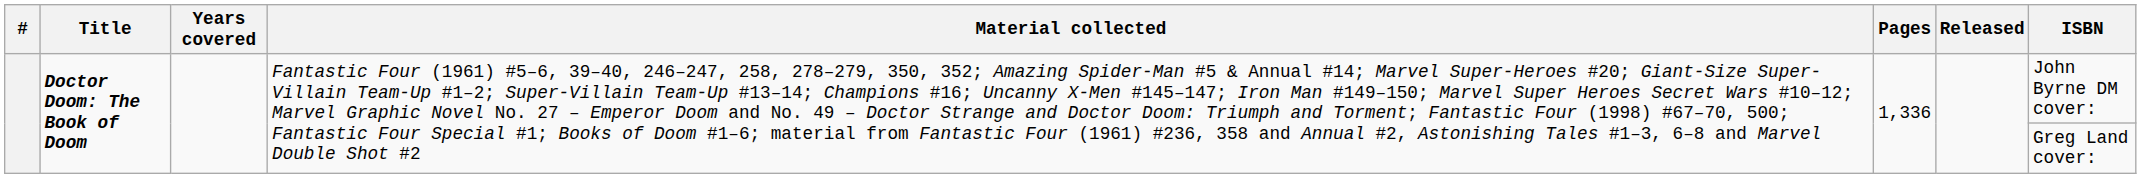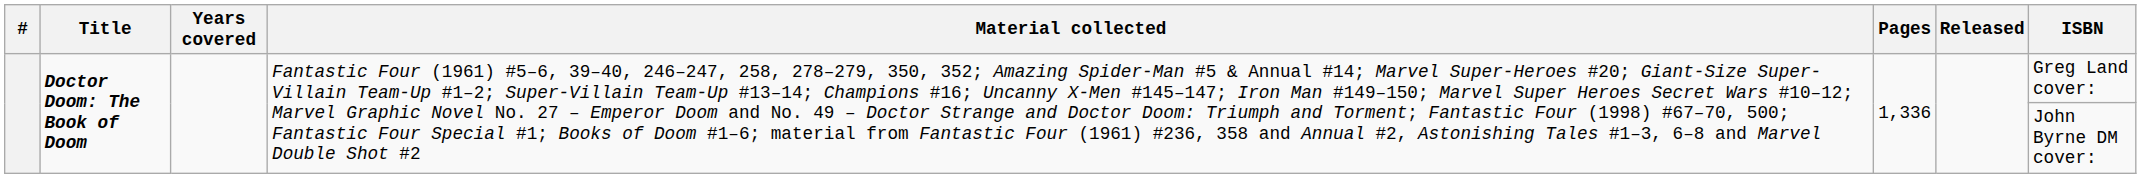 <table class="wikitable sortable" width="99%">
 <tr>
 <th class="unsortable" width="20px">#</th>
 <th>Title</th>
 <th>Years covered</th>
 <th class="unsortable">Material collected</th>
 <th>Pages</th>
 <th>Released</th>
 <th class="unsortable">ISBN</th>
 </tr>
 <tr>
 <th rowspan="2" style="background-color: light grey;"></th>
 <td rowspan="2"><strong><em>Doctor Doom: The Book of Doom</em></strong></td>
 <td rowspan="2"></td>
 <td rowspan="2"><em>Fantastic Four</em> (1961) #5–6, 39–40, 246–247, 258, 278–279, 350, 352; <em>Amazing Spider-Man</em> #5 & Annual #14; <em>Marvel Super-Heroes</em> #20; <em>Giant-Size Super-Villain Team-Up</em> #1–2; <em>Super-Villain Team-Up</em> #13–14; <em>Champions</em> #16; <em>Uncanny X-Men</em> #145–147; <em>Iron Man</em> #149–150; <em>Marvel Super Heroes Secret Wars</em> #10–12; <em>Marvel Graphic Novel</em> No. 27 – <em>Emperor Doom</em> and No. 49 – <em>Doctor Strange and Doctor Doom: Triumph and Torment</em>; <em>Fantastic Four</em> (1998) #67–70, 500; <em>Fantastic Four Special</em> #1; <em>Books of Doom</em> #1–6; material from <em>Fantastic Four</em> (1961) #236, 358 and <em>Annual</em> #2, <em>Astonishing Tales</em> #1–3, 6–8 and <em>Marvel Double Shot</em> #2</td>
 <td rowspan="2" style="text-align: center;">1,336</td>
 <td rowspan="2"></td>
+<td>Greg Land cover: </td>
+</tr>
+<tr>
 <td>John Byrne DM cover: </td>
 </tr>
-<tr>
-<td>Greg Land cover: </td>
-</tr>
 </table>
